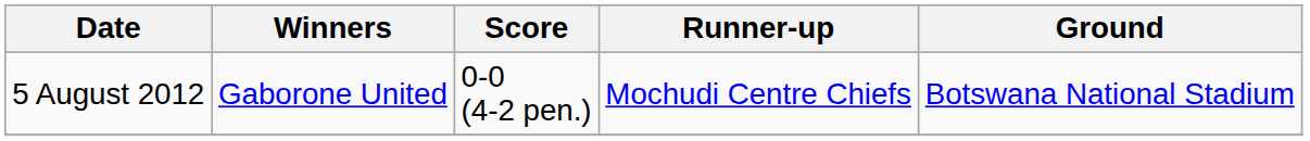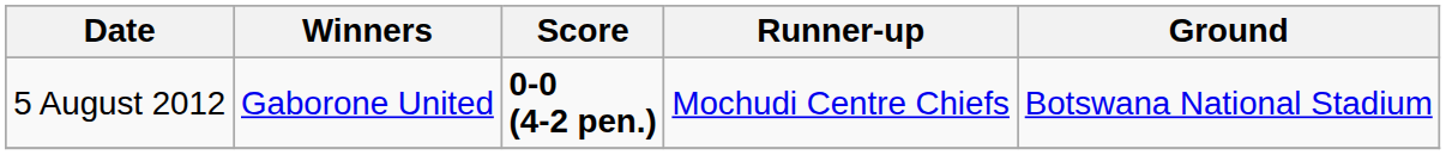 <table class="wikitable">
 <tr>
 <th>Date</th>
 <th>Winners</th>
 <th>Score</th>
 <th>Runner-up</th>
 <th>Ground</th>
 </tr>
 <tr>
 <td>5 August 2012</td>
 <td><a href='#'>Gaborone United</a></td>
-<td>0-0<br>(4-2 pen.)</td>
+<td><strong>0-0<br>(4-2 pen.)</strong></td>
 <td><a href='#'>Mochudi Centre Chiefs</a></td>
 <td><a href='#'>Botswana National Stadium</a></td>
 </tr>
 <tr>
 </tr>
 </table>
